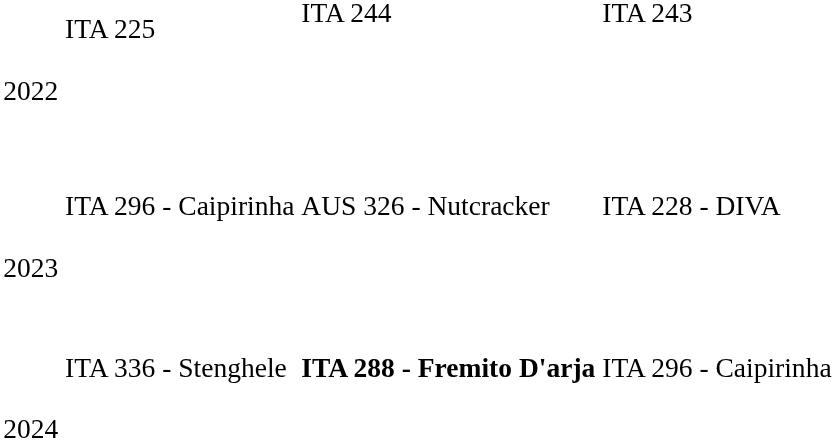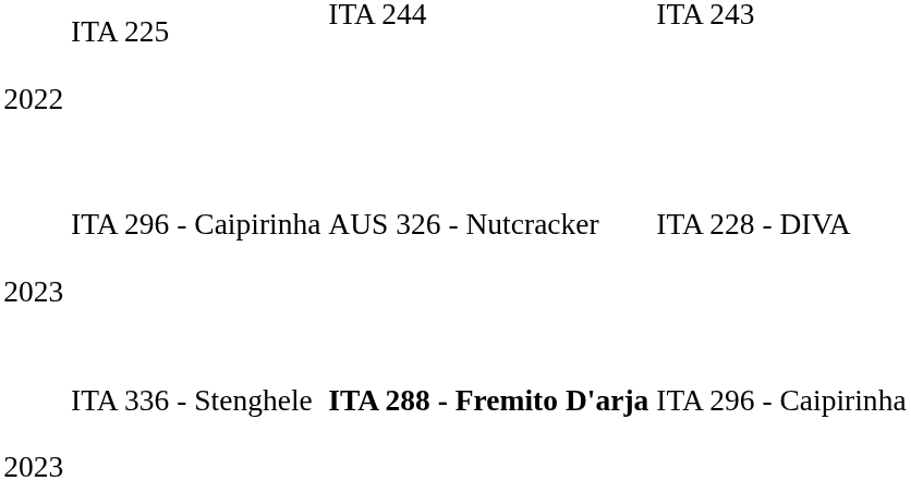 <table>
 <tr>
 <td>2022</td>
 <td>ITA 225<br><br><br> <br> <br> </td>
 <td>ITA 244<br><br><br> <br> <br> <br></td>
 <td>ITA 243<br><br><br> <br> <br> <br></td>
 <td></td>
 </tr>
 <tr>
 <td>2023</td>
 <td>ITA 296 - Caipirinha<br><br><br> <br> <br> </td>
 <td>AUS 326 - Nutcracker<br><br><br> <br> <br> </td>
 <td>ITA 228 - DIVA<br><br><br> <br> <br> </td>
 <td></td>
 </tr>
 <tr>
-<td>2024</td>
+<td>2023</td>
 <td>ITA 336 - Stenghele<br><br><br> <br> <br> </td>
 <td><strong>ITA 288 - Fremito D'arja<br><br><br> <br> <br> </strong></td>
 <td>ITA 296 - Caipirinha<br><br><br> <br> <br> </td>
 <td></td>
 </tr>
 </table>
